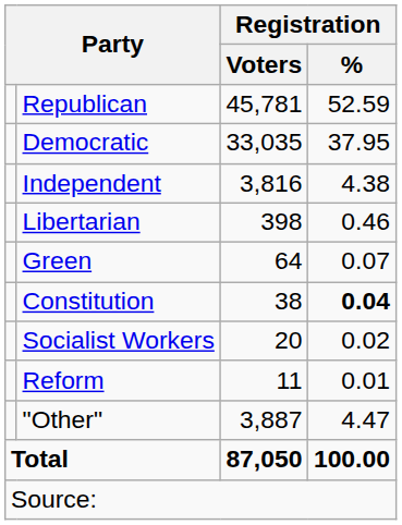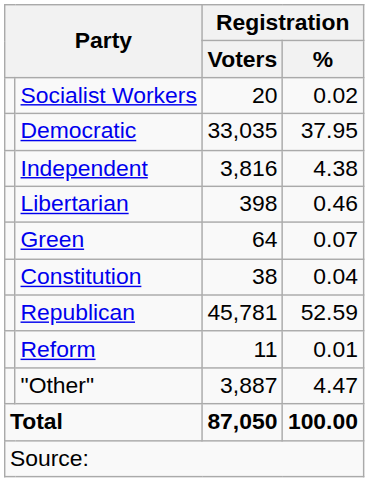 <table class="wikitable">
 <tr>
 <th colspan="2" rowspan="2">Party</th>
 <th colspan="2">Registration</th>
 </tr>
 <tr>
 <th>Voters</th>
 <th>%</th>
 </tr>
 <tr>
 <td style="background-color:"></td>
-<td><a href='#'>Republican</a></td>
-<td style="text-align:right;">45,781</td>
-<td style="text-align:right;">52.59</td>
+<td><a href='#'>Socialist Workers</a></td>
+<td style="text-align:right;">20</td>
+<td style="text-align:right;">0.02</td>
 </tr>
 <tr>
 <td style="background-color:"></td>
 <td><a href='#'>Democratic</a></td>
 <td style="text-align:right;">33,035</td>
 <td style="text-align:right;">37.95</td>
 </tr>
 <tr>
 <td style="background-color:"></td>
 <td><a href='#'>Independent</a></td>
 <td style="text-align:right;">3,816</td>
 <td style="text-align:right;">4.38</td>
 </tr>
 <tr>
 <td style="background-color:"></td>
 <td><a href='#'>Libertarian</a></td>
 <td style="text-align:right;">398</td>
 <td style="text-align:right;">0.46</td>
 </tr>
 <tr>
 <td style="background-color:"></td>
 <td><a href='#'>Green</a></td>
 <td style="text-align:right;">64</td>
 <td style="text-align:right;">0.07</td>
 </tr>
 <tr>
 <td style="background-color:"></td>
 <td><a href='#'>Constitution</a></td>
 <td style="text-align:right;">38</td>
-<td style="text-align:right;"><strong>0.04</strong></td>
+<td style="text-align:right;">0.04</td>
 </tr>
 <tr>
 <td style="background-color:"></td>
-<td><a href='#'>Socialist Workers</a></td>
-<td style="text-align:right;">20</td>
-<td style="text-align:right;">0.02</td>
+<td><a href='#'>Republican</a></td>
+<td style="text-align:right;">45,781</td>
+<td style="text-align:right;">52.59</td>
 </tr>
 <tr>
 <td style="background-color:"></td>
 <td><a href='#'>Reform</a></td>
 <td style="text-align:right;">11</td>
 <td style="text-align:right;">0.01</td>
 </tr>
 <tr>
 <td></td>
 <td>"Other"</td>
 <td style="text-align:right;">3,887</td>
 <td style="text-align:right;">4.47</td>
 </tr>
 <tr>
 <td colspan="2"><strong>Total</strong></td>
 <td style="text-align:right;"><strong>87,050</strong></td>
 <td style="text-align:right;"><strong>100.00</strong></td>
 </tr>
 <tr>
 <td colspan="4">Source: <em></em></td>
 </tr>
 </table>
